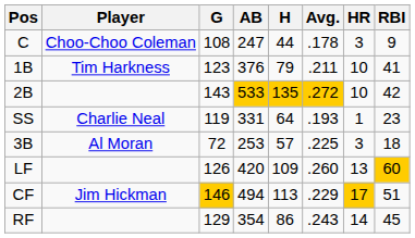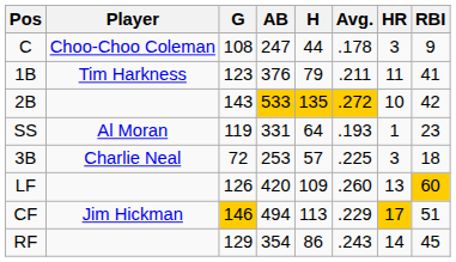 <table class="wikitable sortable">
 <tr>
 <th>Pos</th>
 <th>Player</th>
 <th>G</th>
 <th>AB</th>
 <th>H</th>
 <th>Avg.</th>
 <th>HR</th>
 <th>RBI</th>
 </tr>
 <tr align="center">
 <td>C</td>
 <td><a href='#'>Choo-Choo Coleman</a></td>
 <td>108</td>
 <td>247</td>
 <td>44</td>
 <td>.178</td>
 <td>3</td>
 <td>9</td>
 </tr>
 <tr align="center">
 <td>1B</td>
 <td><a href='#'>Tim Harkness</a></td>
 <td>123</td>
 <td>376</td>
 <td>79</td>
 <td>.211</td>
-<td>10</td>
+<td>11</td>
 <td>41</td>
 </tr>
 <tr align="center">
 <td>2B</td>
 <td></td>
 <td>143</td>
 <td style="background:#fc0;">533</td>
 <td style="background:#fc0;">135</td>
 <td style="background:#fc0;">.272</td>
 <td>10</td>
 <td>42</td>
 </tr>
 <tr align="center">
 <td>SS</td>
-<td><a href='#'>Charlie Neal</a></td>
+<td><a href='#'>Al Moran</a></td>
 <td>119</td>
 <td>331</td>
 <td>64</td>
 <td>.193</td>
 <td>1</td>
 <td>23</td>
 </tr>
 <tr align="center">
 <td>3B</td>
-<td><a href='#'>Al Moran</a></td>
+<td><a href='#'>Charlie Neal</a></td>
 <td>72</td>
 <td>253</td>
 <td>57</td>
 <td>.225</td>
 <td>3</td>
 <td>18</td>
 </tr>
 <tr align="center">
 <td>LF</td>
 <td></td>
 <td>126</td>
 <td>420</td>
 <td>109</td>
 <td>.260</td>
 <td>13</td>
 <td style="background:#fc0;">60</td>
 </tr>
 <tr align="center">
 <td>CF</td>
 <td><a href='#'>Jim Hickman</a></td>
 <td style="background:#fc0;">146</td>
 <td>494</td>
 <td>113</td>
 <td>.229</td>
 <td style="background:#fc0;">17</td>
 <td>51</td>
 </tr>
 <tr align="center">
 <td>RF</td>
 <td></td>
 <td>129</td>
 <td>354</td>
 <td>86</td>
 <td>.243</td>
 <td>14</td>
 <td>45</td>
 </tr>
 </table>
